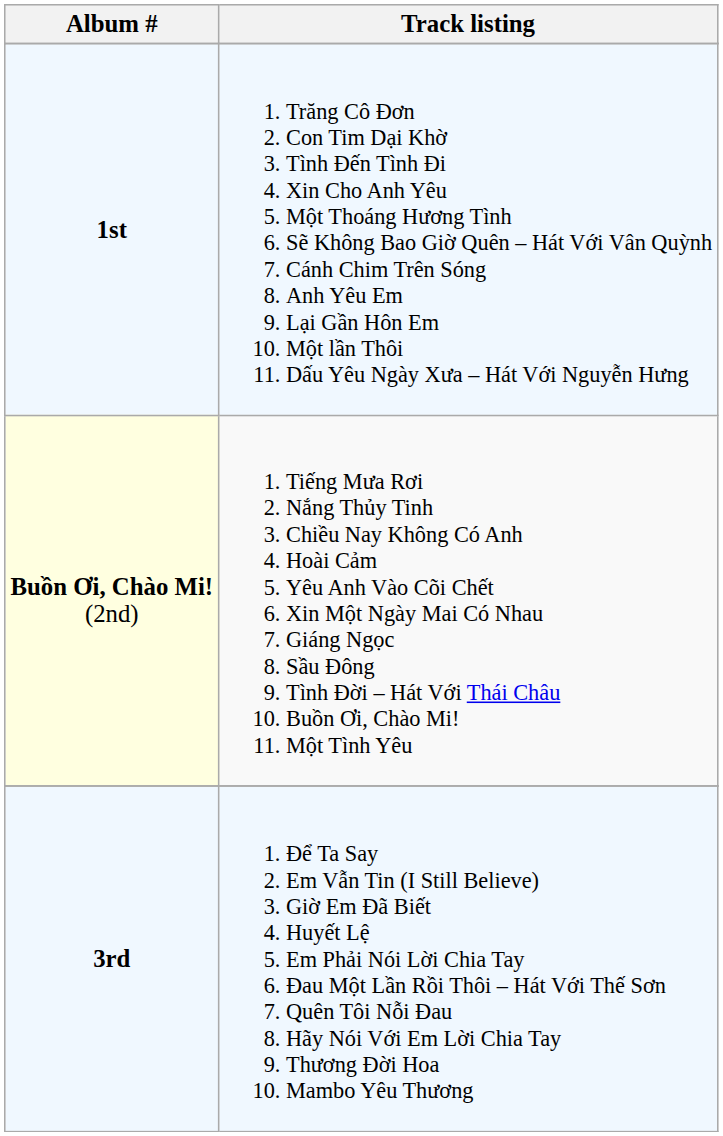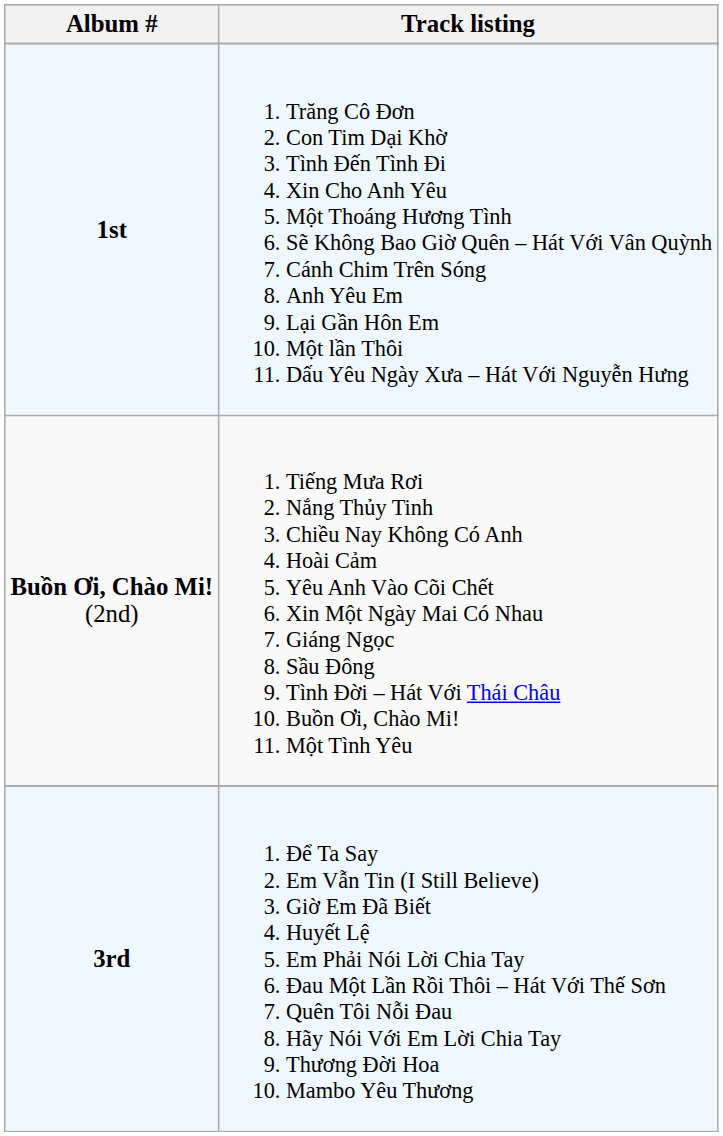 <table class="wikitable">
 <tr>
 <th align="left">Album #</th>
 <th align="left">Track listing</th>
 </tr>
 <tr>
 </tr>
 <tr bgcolor="#F0F8FF">
 <td align="center"><strong>1st</strong></td>
 <td align="left" style="font-size: 90%;"><br><ol><li>Trăng Cô Đơn</li><li>Con Tim Dại Khờ</li><li>Tình Đến Tình Đi</li><li>Xin Cho Anh Yêu</li><li>Một Thoáng Hương Tình</li><li>Sẽ Không Bao Giờ Quên – Hát Với Vân Quỳnh</li><li>Cánh Chim Trên Sóng</li><li>Anh Yêu Em</li><li>Lại Gần Hôn Em</li><li>Một lần Thôi</li><li>Dấu Yêu Ngày Xưa – Hát Với Nguyễn Hưng</li></ol></td>
 </tr>
 <tr>
-<td align="center" style="background: lightyellow;"><strong>Buồn Ơi, Chào Mi!</strong><br>(2nd)</td>
+<td align="center"><strong>Buồn Ơi, Chào Mi!</strong><br>(2nd)</td>
 <td align="left" style="font-size: 90%;"><br><ol><li>Tiếng Mưa Rơi</li><li>Nắng Thủy Tinh</li><li>Chiều Nay Không Có Anh</li><li>Hoài Cảm</li><li>Yêu Anh Vào Cõi Chết</li><li>Xin Một Ngày Mai Có Nhau</li><li>Giáng Ngọc</li><li>Sầu Đông</li><li>Tình Đời – Hát Với <a href='#'>Thái Châu</a></li><li>Buồn Ơi, Chào Mi!</li><li>Một Tình Yêu</li></ol></td>
 </tr>
 <tr>
 </tr>
 <tr bgcolor="#F0F8FF">
 <td align="center"><strong>3rd</strong></td>
 <td align="left" style="font-size: 90%;"><br><ol><li>Để Ta Say</li><li>Em Vẫn Tin (I Still Believe)</li><li>Giờ Em Đã Biết</li><li>Huyết Lệ</li><li>Em Phải Nói Lời Chia Tay</li><li>Đau Một Lần Rồi Thôi – Hát Với Thế Sơn</li><li>Quên Tôi Nỗi Đau</li><li>Hãy Nói Với Em Lời Chia Tay</li><li>Thương Đời Hoa</li><li>Mambo Yêu Thương</li></ol></td>
 </tr>
 </table>
